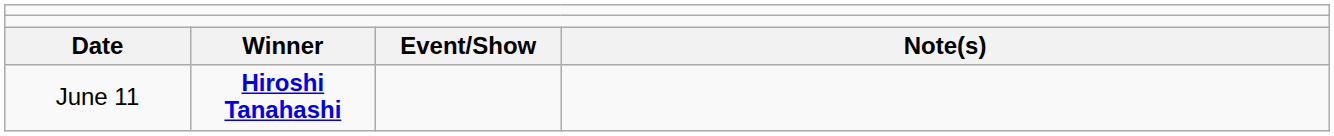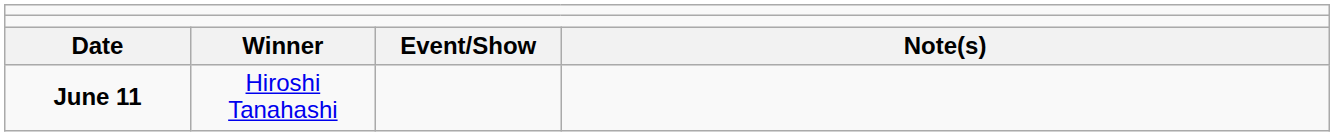 <table class="wikitable" style="text-align:center; width:100%;">
 <tr>
 <td colspan="5"></td>
 </tr>
 <tr>
 <td colspan="5"><strong></strong></td>
 </tr>
 <tr>
 <th width=14%>Date</th>
 <th width=14%>Winner</th>
 <th width=14%>Event/Show</th>
 <th width=58%>Note(s)</th>
 </tr>
 <tr>
-<td>June 11</td>
-<td><strong><a href='#'>Hiroshi Tanahashi</a></strong></td>
+<td><strong>June 11</strong></td>
+<td><a href='#'>Hiroshi Tanahashi</a></td>
 <td></td>
 <td align=left></td>
 </tr>
 </table>
